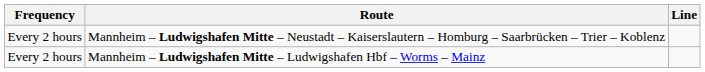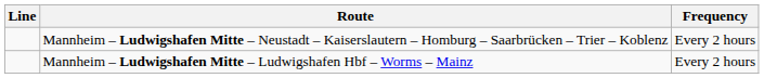 <table class="wikitable">
 <tr>
+<th>Line</th>
+<th>Route</th>
 <th>Frequency</th>
-<th>Route</th>
-<th>Line</th>
 </tr>
 <tr>
+<td></td>
+<td>Mannheim – <strong>Ludwigshafen Mitte</strong> – Neustadt – Kaiserslautern – Homburg – Saarbrücken – Trier – Koblenz</td>
 <td>Every 2 hours</td>
-<td>Mannheim – <strong>Ludwigshafen Mitte</strong> – Neustadt – Kaiserslautern – Homburg – Saarbrücken – Trier – Koblenz</td>
-<td></td>
 </tr>
 <tr>
+<td></td>
+<td>Mannheim – <strong>Ludwigshafen Mitte</strong> – Ludwigshafen Hbf – <a href='#'>Worms</a> – <a href='#'>Mainz</a></td>
 <td>Every 2 hours</td>
-<td>Mannheim – <strong>Ludwigshafen Mitte</strong> – Ludwigshafen Hbf – <a href='#'>Worms</a> – <a href='#'>Mainz</a></td>
-<td></td>
 </tr>
 </table>
